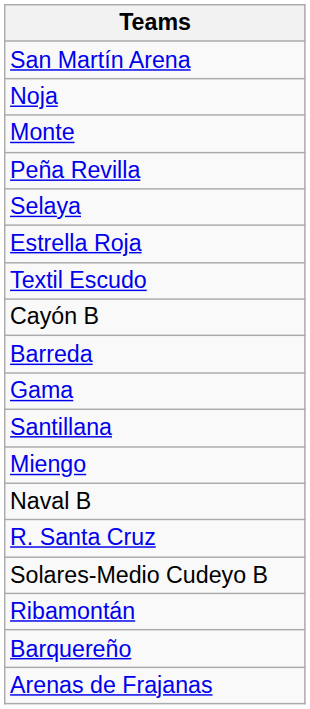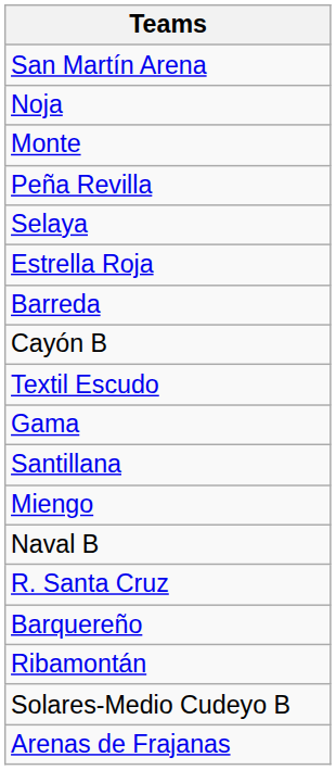 <table class="wikitable sortable">
 <tr>
 <th width=200>Teams</th>
 </tr>
 <tr>
 <td><a href='#'>San Martín Arena</a></td>
 </tr>
 <tr>
 <td><a href='#'>Noja</a></td>
 </tr>
 <tr>
 <td><a href='#'>Monte</a></td>
 </tr>
 <tr>
 <td><a href='#'>Peña Revilla</a></td>
 </tr>
 <tr>
 <td><a href='#'>Selaya</a></td>
 </tr>
 <tr>
 <td><a href='#'>Estrella Roja</a></td>
 </tr>
 <tr>
-<td><a href='#'>Textil Escudo</a></td>
+<td><a href='#'>Barreda</a></td>
 </tr>
 <tr>
 <td>Cayón B</td>
 </tr>
 <tr>
-<td><a href='#'>Barreda</a></td>
+<td><a href='#'>Textil Escudo</a></td>
 </tr>
 <tr>
 <td><a href='#'>Gama</a></td>
 </tr>
 <tr>
 <td><a href='#'>Santillana</a></td>
 </tr>
 <tr>
 <td><a href='#'>Miengo</a></td>
 </tr>
 <tr>
 <td>Naval B</td>
 </tr>
 <tr>
 <td><a href='#'>R. Santa Cruz</a></td>
 </tr>
 <tr>
-<td>Solares-Medio Cudeyo B</td>
+<td><a href='#'>Barquereño</a></td>
 </tr>
 <tr>
 <td><a href='#'>Ribamontán</a></td>
 </tr>
 <tr>
-<td><a href='#'>Barquereño</a></td>
+<td>Solares-Medio Cudeyo B</td>
 </tr>
 <tr>
 <td><a href='#'>Arenas de Frajanas</a></td>
 </tr>
 </table>
